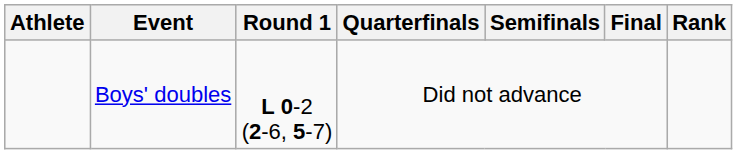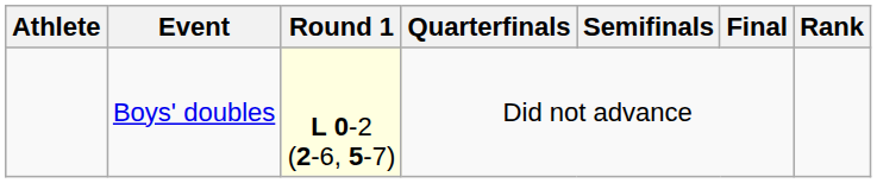 <table class=wikitable style="font-size:90%">
 <tr>
 <th>Athlete</th>
 <th>Event</th>
 <th>Round 1</th>
 <th>Quarterfinals</th>
 <th>Semifinals</th>
 <th>Final</th>
 <th>Rank</th>
 </tr>
 <tr>
 <td> <br></td>
 <td><a href='#'>Boys' doubles</a></td>
-<td align=center><br><br><strong>L</strong> <strong>0</strong>-2<br> (<strong>2</strong>-6, <strong>5</strong>-7)</td>
+<td align=center style="background: lightyellow;"><br><br><strong>L</strong> <strong>0</strong>-2<br> (<strong>2</strong>-6, <strong>5</strong>-7)</td>
 <td colspan=3 align=center>Did not advance</td>
 <td align=center></td>
 </tr>
 </table>
